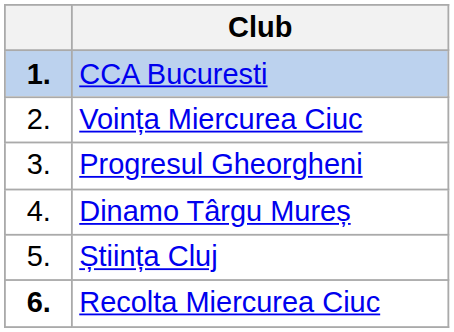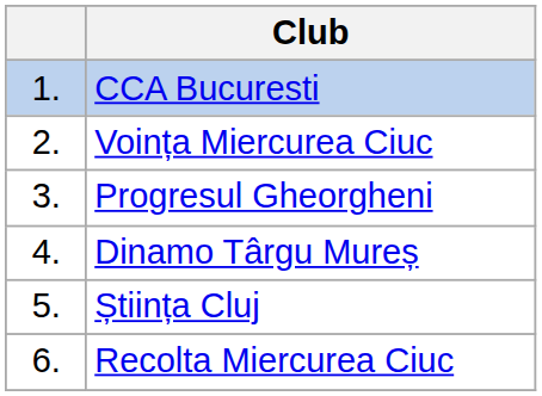 <table class="wikitable">
 <tr>
 <th width="30"></th>
 <th width="200">Club</th>
 </tr>
 <tr bgcolor="#BCD2EE" align="center">
-<td><strong>1.</strong></td>
+<td>1.</td>
 <td align="left"><a href='#'>CCA Bucuresti</a></td>
 </tr>
 <tr bgcolor="#FFFFFF" align="center">
 <td>2.</td>
 <td align="left"><a href='#'>Voința Miercurea Ciuc</a></td>
 </tr>
 <tr bgcolor="#FFFFFF" align="center">
 <td>3.</td>
 <td align="left"><a href='#'>Progresul Gheorgheni</a></td>
 </tr>
 <tr bgcolor="#FFFFFF" align="center">
 <td>4.</td>
 <td align="left"><a href='#'>Dinamo Târgu Mureș</a></td>
 </tr>
 <tr bgcolor="#FFFFFF" align="center">
 <td>5.</td>
 <td align="left"><a href='#'>Știința Cluj</a></td>
 </tr>
 <tr bgcolor="#FFFFFF" align="center">
-<td><strong>6.</strong></td>
+<td>6.</td>
 <td align="left"><a href='#'>Recolta Miercurea Ciuc</a></td>
 </tr>
 </table>
